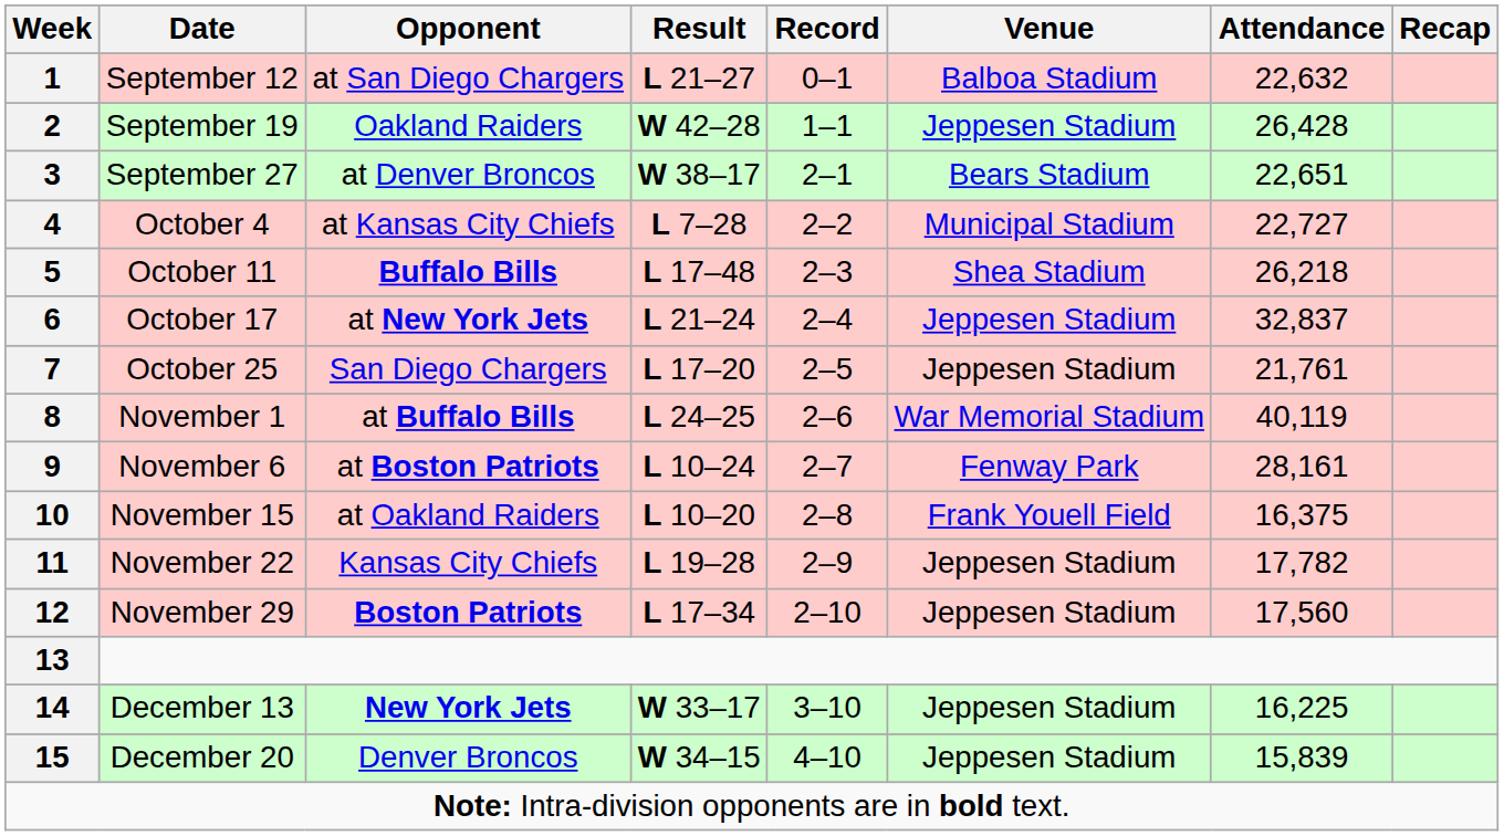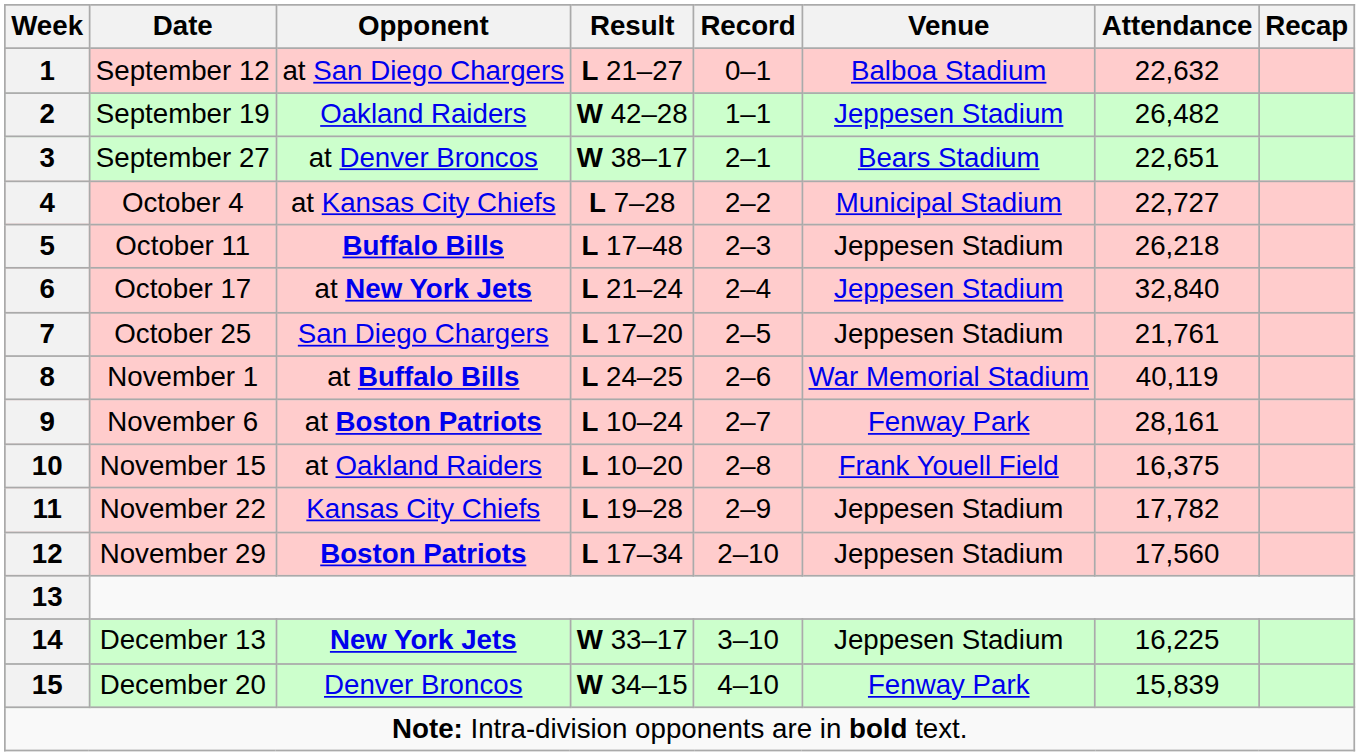 <table class="wikitable" style="text-align:center">
 <tr>
 <th>Week</th>
 <th>Date</th>
 <th>Opponent</th>
 <th>Result</th>
 <th>Record</th>
 <th>Venue</th>
 <th>Attendance</th>
 <th>Recap</th>
 </tr>
 <tr style="background:#fcc">
 <th>1</th>
 <td>September 12</td>
 <td>at <a href='#'>San Diego Chargers</a></td>
 <td><strong>L</strong> 21–27</td>
 <td>0–1</td>
 <td><a href='#'>Balboa Stadium</a></td>
 <td>22,632</td>
 <td></td>
 </tr>
 <tr style="background:#cfc">
 <th>2</th>
 <td>September 19</td>
 <td><a href='#'>Oakland Raiders</a></td>
 <td><strong>W</strong> 42–28</td>
 <td>1–1</td>
 <td><a href='#'>Jeppesen Stadium</a></td>
-<td>26,428</td>
+<td>26,482</td>
 <td></td>
 </tr>
 <tr style="background:#cfc">
 <th>3</th>
 <td>September 27</td>
 <td>at <a href='#'>Denver Broncos</a></td>
 <td><strong>W</strong> 38–17</td>
 <td>2–1</td>
 <td><a href='#'>Bears Stadium</a></td>
 <td>22,651</td>
 <td></td>
 </tr>
 <tr style="background:#fcc">
 <th>4</th>
 <td>October 4</td>
 <td>at <a href='#'>Kansas City Chiefs</a></td>
 <td><strong>L</strong> 7–28</td>
 <td>2–2</td>
 <td><a href='#'>Municipal Stadium</a></td>
 <td>22,727</td>
 <td></td>
 </tr>
 <tr style="background:#fcc">
 <th>5</th>
 <td>October 11</td>
 <td><strong><a href='#'>Buffalo Bills</a></strong></td>
 <td><strong>L</strong> 17–48</td>
 <td>2–3</td>
-<td><a href='#'>Shea Stadium</a></td>
+<td>Jeppesen Stadium</td>
 <td>26,218</td>
 <td></td>
 </tr>
 <tr style="background:#fcc">
 <th>6</th>
 <td>October 17</td>
 <td>at <strong><a href='#'>New York Jets</a></strong></td>
 <td><strong>L</strong> 21–24</td>
 <td>2–4</td>
 <td><a href='#'>Jeppesen Stadium</a></td>
-<td>32,837</td>
+<td>32,840</td>
 <td></td>
 </tr>
 <tr style="background:#fcc">
 <th>7</th>
 <td>October 25</td>
 <td><a href='#'>San Diego Chargers</a></td>
 <td><strong>L</strong> 17–20</td>
 <td>2–5</td>
 <td>Jeppesen Stadium</td>
 <td>21,761</td>
 <td></td>
 </tr>
 <tr style="background:#fcc">
 <th>8</th>
 <td>November 1</td>
 <td>at <strong><a href='#'>Buffalo Bills</a></strong></td>
 <td><strong>L</strong> 24–25</td>
 <td>2–6</td>
 <td><a href='#'>War Memorial Stadium</a></td>
 <td>40,119</td>
 <td></td>
 </tr>
 <tr style="background:#fcc">
 <th>9</th>
 <td>November 6</td>
 <td>at <strong><a href='#'>Boston Patriots</a></strong></td>
 <td><strong>L</strong> 10–24</td>
 <td>2–7</td>
 <td><a href='#'>Fenway Park</a></td>
 <td>28,161</td>
 <td></td>
 </tr>
 <tr style="background:#fcc">
 <th>10</th>
 <td>November 15</td>
 <td>at <a href='#'>Oakland Raiders</a></td>
 <td><strong>L</strong> 10–20</td>
 <td>2–8</td>
 <td><a href='#'>Frank Youell Field</a></td>
 <td>16,375</td>
 <td></td>
 </tr>
 <tr style="background:#fcc">
 <th>11</th>
 <td>November 22</td>
 <td><a href='#'>Kansas City Chiefs</a></td>
 <td><strong>L</strong> 19–28</td>
 <td>2–9</td>
 <td>Jeppesen Stadium</td>
 <td>17,782</td>
 <td></td>
 </tr>
 <tr style="background:#fcc">
 <th>12</th>
 <td>November 29</td>
 <td><strong><a href='#'>Boston Patriots</a></strong></td>
 <td><strong>L</strong> 17–34</td>
 <td>2–10</td>
 <td>Jeppesen Stadium</td>
 <td>17,560</td>
 <td></td>
 </tr>
 <tr>
 <th>13</th>
 <td colSpan="7"></td>
 </tr>
 <tr style="background:#cfc">
 <th>14</th>
 <td>December 13</td>
 <td><strong><a href='#'>New York Jets</a></strong></td>
 <td><strong>W</strong> 33–17</td>
 <td>3–10</td>
 <td>Jeppesen Stadium</td>
 <td>16,225</td>
 <td></td>
 </tr>
 <tr style="background:#cfc">
 <th>15</th>
 <td>December 20</td>
 <td><a href='#'>Denver Broncos</a></td>
 <td><strong>W</strong> 34–15</td>
 <td>4–10</td>
-<td>Jeppesen Stadium</td>
+<td><a href='#'>Fenway Park</a></td>
 <td>15,839</td>
 <td></td>
 </tr>
 <tr>
 <td colspan="8"><strong>Note:</strong> Intra-division opponents are in <strong>bold</strong> text.</td>
 </tr>
 </table>
